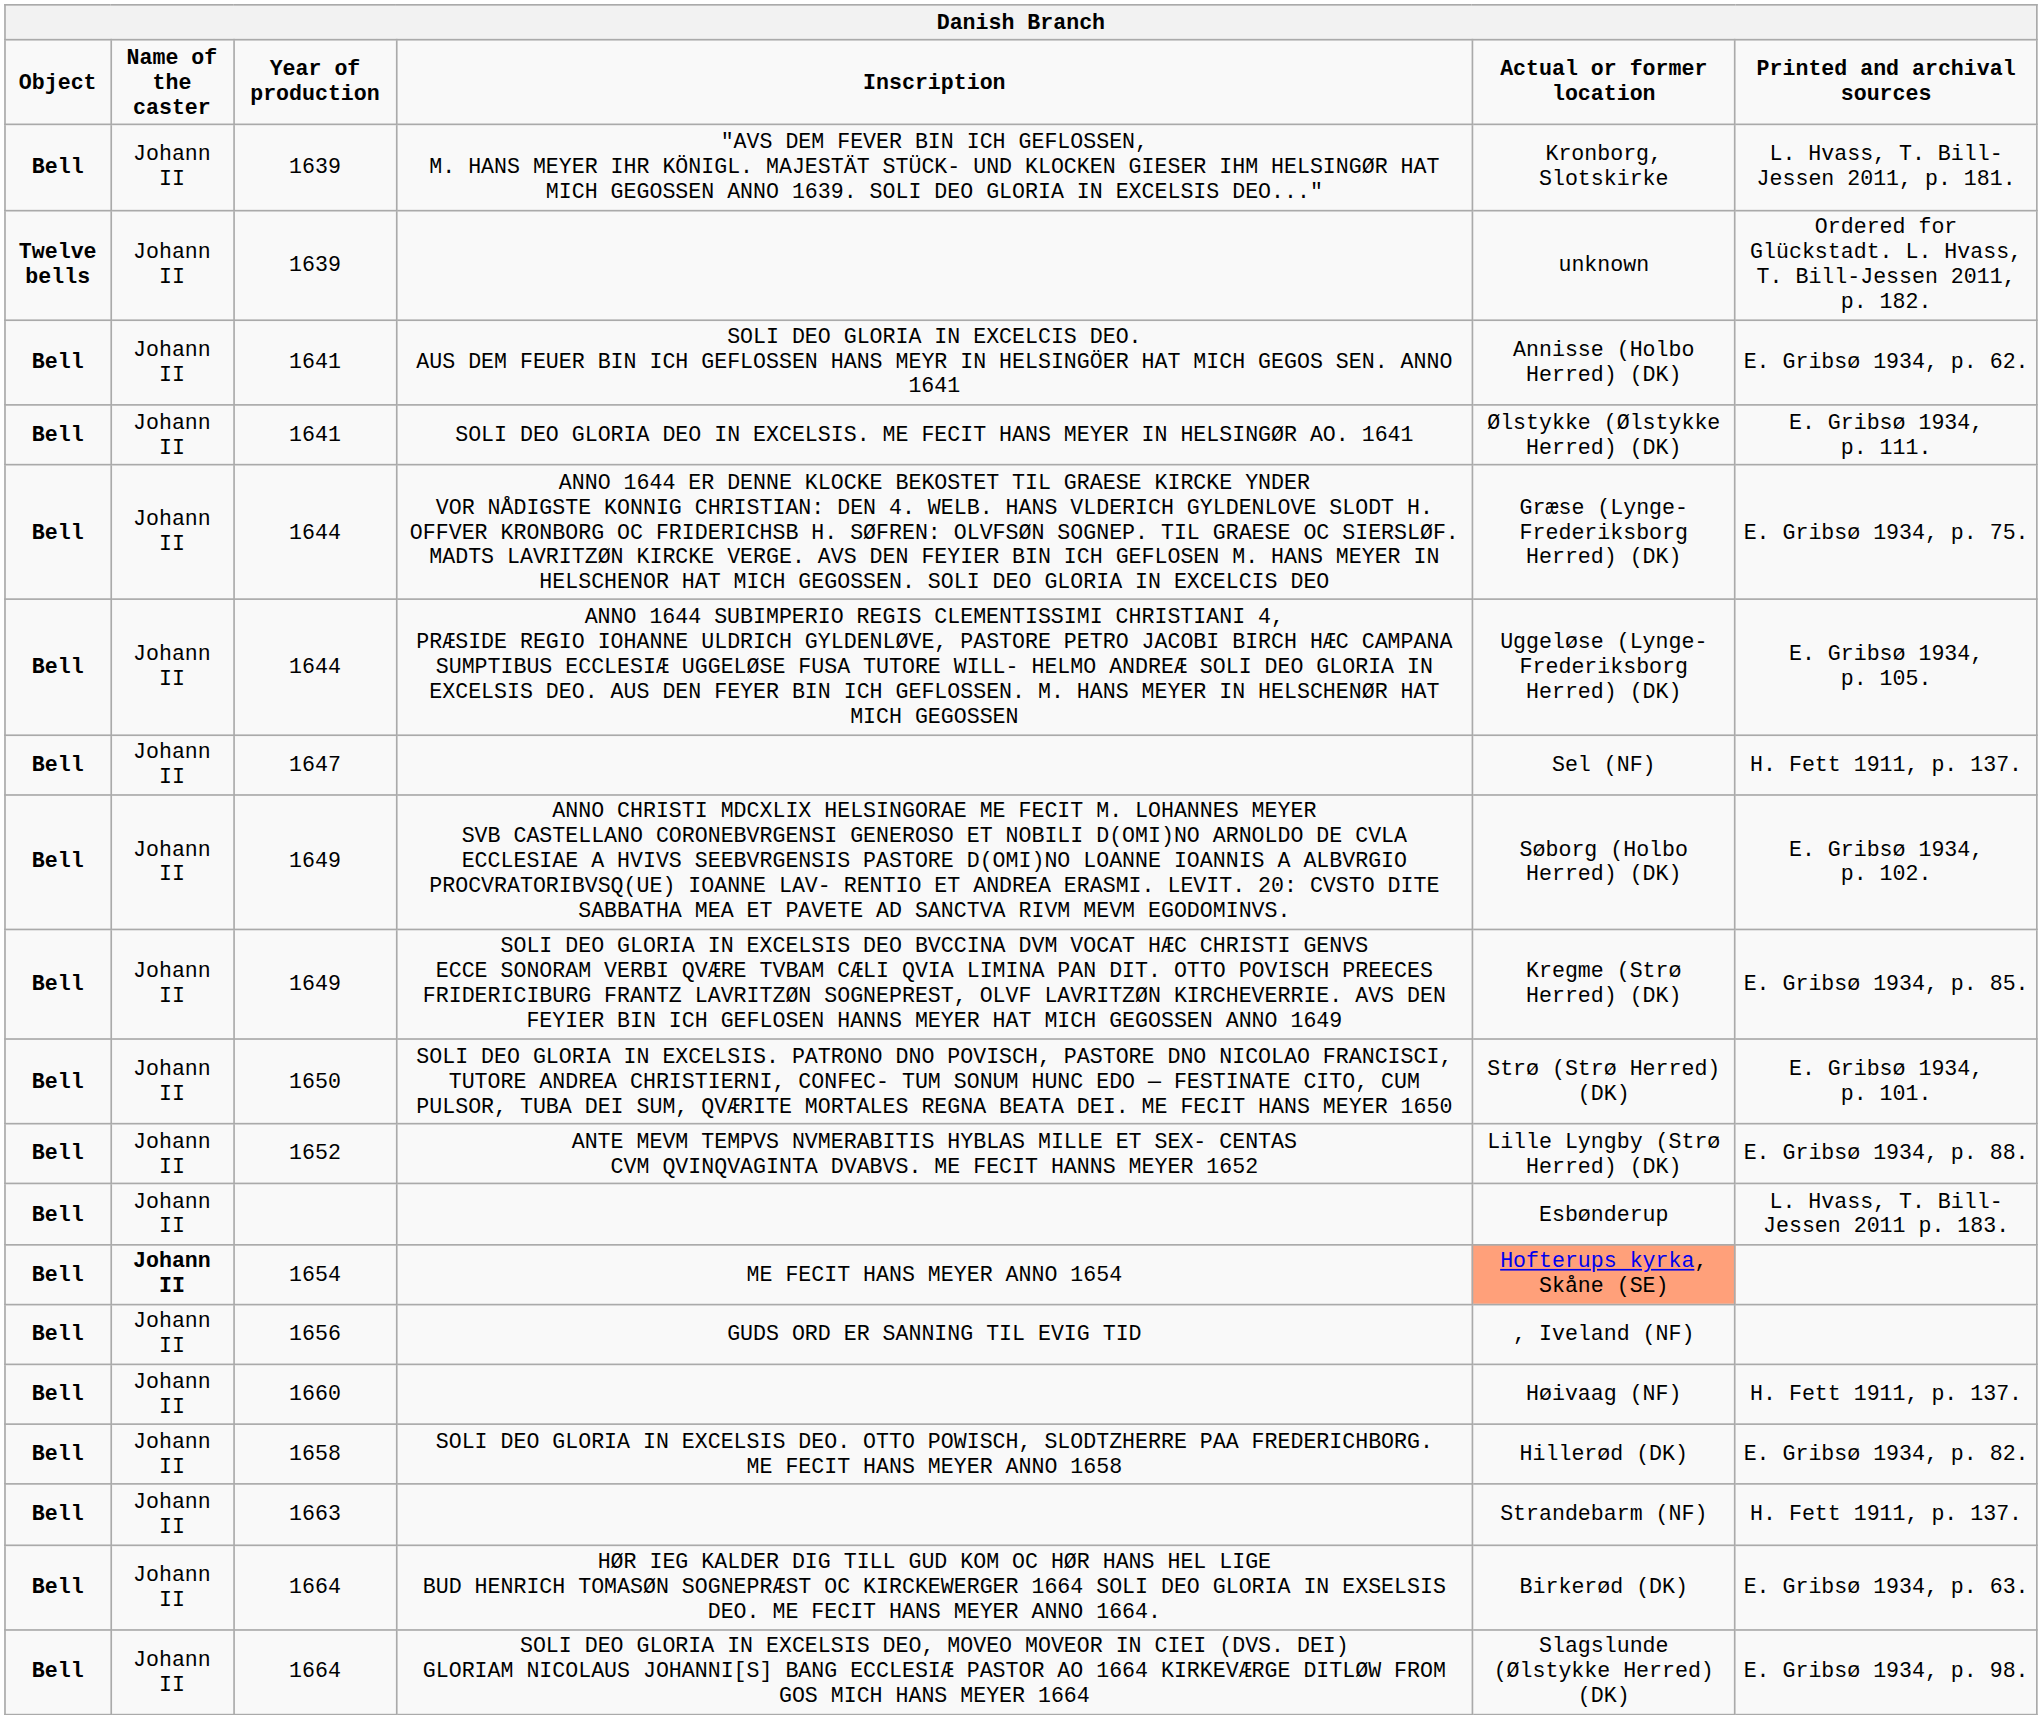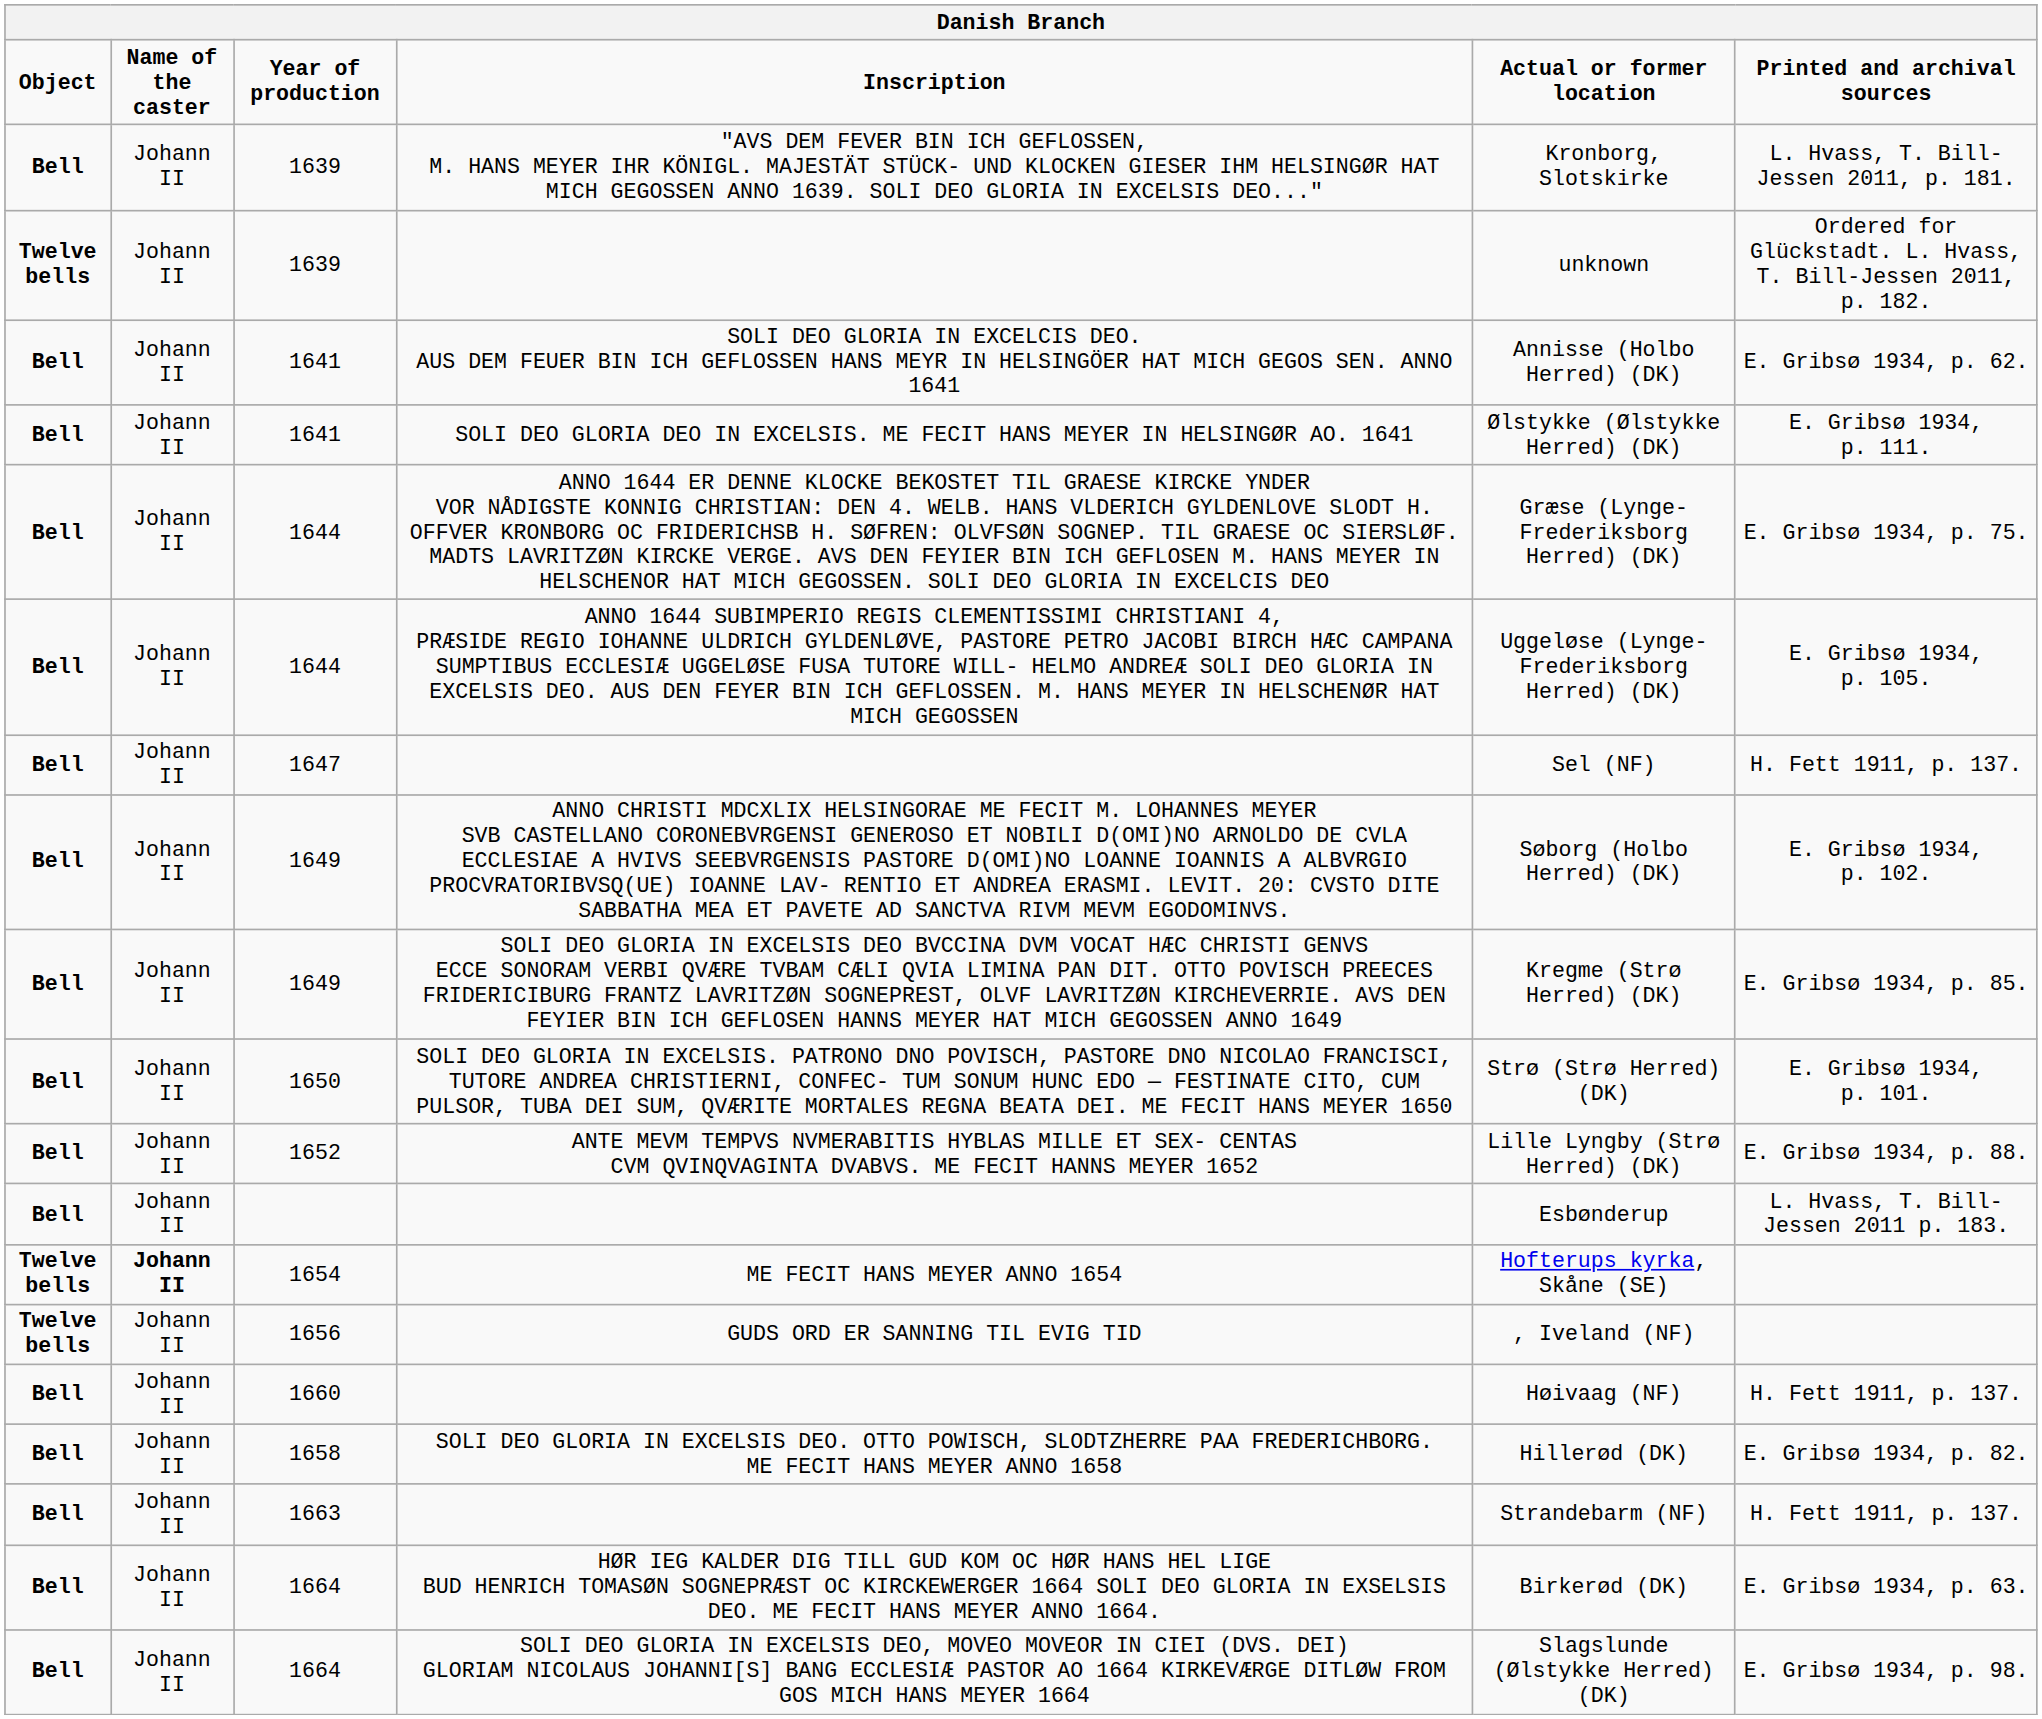 <table class="wikitable" style="margin-left: 2em;">
 <tr>
 <th colspan="8" align="center">Danish Branch</th>
 </tr>
 <tr>
 <td align="center"><strong>Object</strong></td>
 <td align="center"><strong>Name of the caster</strong></td>
 <td align="center"><strong>Year of production</strong></td>
 <td align="center"><strong>Inscription</strong></td>
 <td align="center"><strong>Actual or former location</strong></td>
 <td align="center"><strong>Printed and archival sources</strong></td>
 </tr>
 <tr>
 <td align="center"><strong>Bell</strong></td>
 <td align="center">Johann II</td>
 <td align="center">1639</td>
 <td align="center">"AVS DEM FEVER BIN ICH GEFLOSSEN,<br>M. HANS MEYER IHR KÖNIGL. MAJESTÄT STÜCK- UND KLOCKEN GIESER IHM HELSINGØR HAT MICH GEGOSSEN ANNO 1639.  SOLI DEO GLORIA IN EXCELSIS DEO..."</td>
 <td align="center">Kronborg, Slotskirke</td>
 <td align="center">L. Hvass, T. Bill-Jessen 2011, p. 181.</td>
 </tr>
 <tr>
 <td align="center"><strong>Twelve bells</strong></td>
 <td align="center">Johann II</td>
 <td align="center">1639</td>
 <td align="center"></td>
 <td align="center">unknown</td>
 <td align="center">Ordered for Glückstadt. L. Hvass, T. Bill-Jessen 2011, p. 182.</td>
 </tr>
 <tr>
 <td align="center"><strong>Bell</strong></td>
 <td align="center">Johann II</td>
 <td align="center">1641</td>
 <td align="center">SOLI DEO GLORIA IN EXCELCIS DEO.<br>AUS DEM FEUER BIN ICH GEFLOSSEN HANS MEYR IN HELSINGÖER HAT MICH GEGOS SEN. ANNO 1641</td>
 <td align="center">Annisse (Holbo Herred) (DK)</td>
 <td align="center">E. Gribsø 1934, p. 62.</td>
 </tr>
 <tr>
 <td align="center"><strong>Bell</strong></td>
 <td align="center">Johann II</td>
 <td align="center">1641</td>
 <td align="center">SOLI DEO GLORIA DEO IN EXCELSIS. ME FECIT HANS MEYER IN HELSINGØR AO. 1641</td>
 <td align="center">Ølstykke (Ølstykke Herred) (DK)</td>
 <td align="center">E. Gribsø 1934, p. 111.</td>
 </tr>
 <tr>
 <td align="center"><strong>Bell</strong></td>
 <td align="center">Johann II</td>
 <td align="center">1644</td>
 <td align="center">ANNO 1644 ER DENNE KLOCKE BEKOSTET TIL GRAESE KIRCKE YNDER<br>VOR NÅDIGSTE KONNIG CHRISTIAN: DEN 4. WELB. HANS VLDERICH GYLDENLOVE SLODT H.  OFFVER KRONBORG OC FRIDERICHSB H. SØFREN: OLVFSØN SOGNEP.  TIL GRAESE OC SIERSLØF. MADTS LAVRITZØN KIRCKE VERGE.  AVS DEN FEYIER BIN ICH GEFLOSEN  M. HANS MEYER IN HELSCHENOR HAT MICH GEGOSSEN.  SOLI DEO GLORIA IN EXCELCIS DEO</td>
 <td align="center">Græse (Lynge-Frederiksborg Herred) (DK)</td>
 <td align="center">E. Gribsø 1934, p. 75.</td>
 </tr>
 <tr>
 <td align="center"><strong>Bell</strong></td>
 <td align="center">Johann II</td>
 <td align="center">1644</td>
 <td align="center">ANNO 1644 SUBIMPERIO REGIS CLEMENTISSIMI CHRISTIANI 4,<br>PRÆSIDE REGIO IOHANNE ULDRICH GYLDENLØVE, PASTORE PETRO JACOBI BIRCH  HÆC CAMPANA SUMPTIBUS ECCLESIÆ UGGELØSE FUSA TUTORE WILL- HELMO ANDREÆ  SOLI DEO GLORIA IN EXCELSIS DEO.  AUS DEN FEYER BIN ICH GEFLOSSEN.  M. HANS MEYER IN HELSCHENØR HAT MICH GEGOSSEN</td>
 <td align="center">Uggeløse (Lynge-Frederiksborg Herred) (DK)</td>
 <td align="center">E. Gribsø 1934, p. 105.</td>
 </tr>
 <tr>
 <td align="center"><strong>Bell</strong></td>
 <td align="center">Johann II</td>
 <td align="center">1647</td>
 <td align="center"></td>
 <td align="center">Sel (NF)</td>
 <td align="center">H. Fett 1911, p. 137.</td>
 </tr>
 <tr>
 <td align="center"><strong>Bell</strong></td>
 <td align="center">Johann II</td>
 <td align="center">1649</td>
 <td align="center">ANNO CHRISTI MDCXLIX HELSINGORAE ME FECIT M. LOHANNES MEYER<br>SVB CASTELLANO CORONEBVRGENSI GENEROSO ET NOBILI D(OMI)NO ARNOLDO DE CVLA  ECCLESIAE A HVIVS SEEBVRGENSIS PASTORE D(OMI)NO LOANNE IOANNIS A ALBVRGIO  PROCVRATORIBVSQ(UE) IOANNE LAV- RENTIO ET ANDREA ERASMI.  LEVIT. 20: CVSTO DITE SABBATHA MEA ET PAVETE  AD SANCTVA RIVM MEVM EGODOMINVS.</td>
 <td align="center">Søborg (Holbo Herred) (DK)</td>
 <td align="center">E. Gribsø 1934, p. 102.</td>
 </tr>
 <tr>
 <td align="center"><strong>Bell</strong></td>
 <td align="center">Johann II</td>
 <td align="center">1649</td>
 <td align="center">SOLI DEO GLORIA IN EXCELSIS DEO BVCCINA DVM VOCAT HÆC CHRISTI GENVS<br>ECCE SONORAM VERBI QVÆRE TVBAM CÆLI QVIA LIMINA PAN DIT. OTTO POVISCH PREECES  FRIDERICIBURG FRANTZ LAVRITZØN SOGNEPREST, OLVF LAVRITZØN KIRCHEVERRIE.  AVS DEN FEYIER BIN ICH GEFLOSEN HANNS MEYER HAT MICH GEGOSSEN ANNO 1649</td>
 <td align="center">Kregme (Strø Herred) (DK)</td>
 <td align="center">E. Gribsø 1934, p. 85.</td>
 </tr>
 <tr>
 <td align="center"><strong>Bell</strong></td>
 <td align="center">Johann II</td>
 <td align="center">1650</td>
 <td align="center">SOLI DEO GLORIA IN EXCELSIS. PATRONO DNO POVISCH, PASTORE DNO NICOLAO FRANCISCI,<br>TUTORE ANDREA CHRISTIERNI, CONFEC- TUM SONUM HUNC EDO — FESTINATE CITO, CUM PULSOR,  TUBA DEI SUM, QVÆRITE MORTALES REGNA BEATA DEI. ME FECIT HANS MEYER 1650</td>
 <td align="center">Strø (Strø Herred) (DK)</td>
 <td align="center">E. Gribsø 1934, p. 101.</td>
 </tr>
 <tr>
 <td align="center"><strong>Bell</strong></td>
 <td align="center">Johann II</td>
 <td align="center">1652</td>
 <td align="center">ANTE MEVM TEMPVS NVMERABITIS HYBLAS MILLE ET SEX- CENTAS<br>CVM QVINQVAGINTA DVABVS. ME FECIT HANNS MEYER 1652</td>
 <td align="center">Lille Lyngby (Strø Herred) (DK)</td>
 <td align="center">E. Gribsø 1934, p. 88.</td>
 </tr>
 <tr>
 <td align="center"><strong>Bell</strong></td>
 <td align="center">Johann II</td>
 <td align="center"></td>
 <td align="center"></td>
 <td align="center">Esbønderup</td>
 <td align="center">L. Hvass, T. Bill-Jessen 2011 p. 183.</td>
 </tr>
 <tr>
-<td align="center"><strong>Bell</strong></td>
+<td align="center"><strong>Twelve bells</strong></td>
 <td align="center"><strong>Johann II</strong></td>
 <td align="center">1654</td>
 <td align="center">ME FECIT HANS MEYER ANNO 1654</td>
-<td align="center" style="background: lightsalmon;"><a href='#'>Hofterups kyrka</a>, Skåne (SE)</td>
+<td align="center"><a href='#'>Hofterups kyrka</a>, Skåne (SE)</td>
 <td align="center"></td>
 </tr>
 <tr>
-<td align="center"><strong>Bell</strong></td>
+<td align="center"><strong>Twelve bells</strong></td>
 <td align="center">Johann II</td>
 <td align="center">1656</td>
 <td align="center">GUDS ORD ER SANNING TIL EVIG TID</td>
 <td align="center">, Iveland (NF)</td>
 <td align="center"></td>
 </tr>
 <tr>
 <td align="center"><strong>Bell</strong></td>
 <td align="center">Johann II</td>
 <td align="center">1660</td>
 <td align="center"></td>
 <td align="center">Høivaag (NF)</td>
 <td align="center">H. Fett 1911, p. 137.</td>
 </tr>
 <tr>
 <td align="center"><strong>Bell</strong></td>
 <td align="center">Johann II</td>
 <td align="center">1658</td>
 <td align="center">SOLI DEO GLORIA IN EXCELSIS DEO. OTTO POWISCH, SLODTZHERRE PAA FREDERICHBORG.<br>ME FECIT HANS MEYER ANNO 1658</td>
 <td align="center">Hillerød (DK)</td>
 <td align="center">E. Gribsø 1934, p. 82.</td>
 </tr>
 <tr>
 <td align="center"><strong>Bell</strong></td>
 <td align="center">Johann II</td>
 <td align="center">1663</td>
 <td align="center"></td>
 <td align="center">Strandebarm (NF)</td>
 <td align="center">H. Fett 1911, p. 137.</td>
 </tr>
 <tr>
 <td align="center"><strong>Bell</strong></td>
 <td align="center">Johann II</td>
 <td align="center">1664</td>
 <td align="center">HØR IEG KALDER DIG TILL GUD KOM OC HØR HANS HEL LIGE<br>BUD HENRICH TOMASØN SOGNEPRÆST OC KIRCKEWERGER  1664 SOLI DEO GLORIA IN EXSELSIS DEO. ME FECIT HANS MEYER ANNO 1664.</td>
 <td align="center">Birkerød (DK)</td>
 <td align="center">E. Gribsø 1934, p. 63.</td>
 </tr>
 <tr>
 <td align="center"><strong>Bell</strong></td>
 <td align="center">Johann II</td>
 <td align="center">1664</td>
 <td align="center">SOLI DEO GLORIA IN EXCELSIS DEO, MOVEO MOVEOR IN CIEI (DVS. DEI)<br>GLORIAM NICOLAUS JOHANNI[S] BANG ECCLESIÆ PASTOR AO 1664 KIRKEVÆRGE  DITLØW FROM GOS MICH HANS MEYER 1664</td>
 <td align="center">Slagslunde (Ølstykke Herred) (DK)</td>
 <td align="center">E. Gribsø 1934, p. 98.</td>
 </tr>
 </table>
